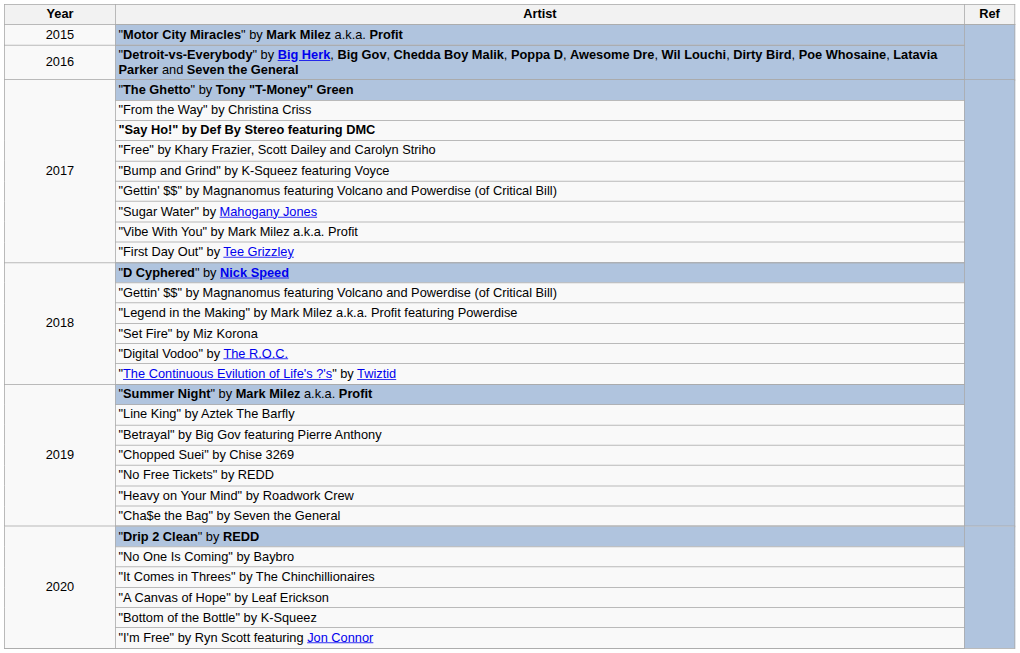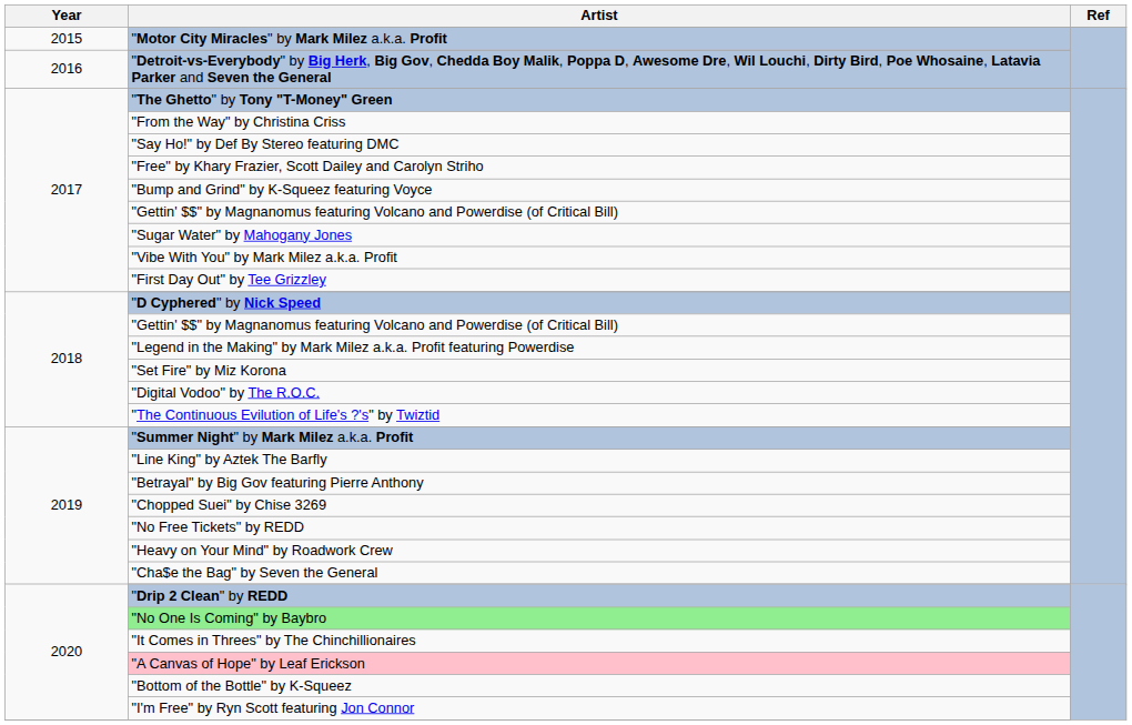 <table class="wikitable" style="width:100%;">
 <tr>
 <th style="width:11%;">Year</th>
 <th style="width:84%;">Artist</th>
 <th style="width:5%;">Ref</th>
 </tr>
 <tr>
 <td rowspan="2" align="center">2015</td>
 </tr>
 <tr style="background:#B0C4DE">
 <td>"<strong>Motor City Miracles</strong>" by <strong>Mark Milez</strong> a.k.a. <strong>Profit</strong></td>
 <td rowspan="4" align="center"></td>
 </tr>
 <tr>
 <td rowspan="2" align="center">2016</td>
 </tr>
 <tr style="background:#B0C4DE">
 <td>"<strong>Detroit-vs-Everybody</strong>" by <strong><a href='#'>Big Herk</a></strong>, <strong>Big Gov</strong>, <strong>Chedda Boy Malik</strong>, <strong>Poppa D</strong>, <strong>Awesome Dre</strong>, <strong>Wil Louchi</strong>, <strong>Dirty Bird</strong>, <strong>Poe Whosaine</strong>, <strong>Latavia Parker</strong> and <strong>Seven the General</strong></td>
 </tr>
 <tr>
 <td rowspan="10" align="center">2017</td>
 </tr>
 <tr style="background:#B0C4DE">
 <td>"<strong>The Ghetto</strong>" by <strong>Tony "T-Money" Green</strong></td>
 <td rowspan="25" align="center"></td>
 </tr>
 <tr>
 <td>"From the Way" by Christina Criss</td>
 </tr>
 <tr>
-<td><strong>"Say Ho!" by Def By Stereo featuring DMC</strong></td>
+<td>"Say Ho!" by Def By Stereo featuring DMC</td>
 </tr>
 <tr>
 <td>"Free" by Khary Frazier, Scott Dailey and Carolyn Striho</td>
 </tr>
 <tr>
 <td>"Bump and Grind" by K-Squeez featuring Voyce</td>
 </tr>
 <tr>
 <td>"Gettin' $$" by Magnanomus featuring Volcano and Powerdise (of Critical Bill)</td>
 </tr>
 <tr>
 <td>"Sugar Water" by <a href='#'>Mahogany Jones</a></td>
 </tr>
 <tr>
 <td>"Vibe With You" by Mark Milez a.k.a. Profit</td>
 </tr>
 <tr>
 <td>"First Day Out" by <a href='#'>Tee Grizzley</a></td>
 </tr>
 <tr>
 <td rowspan="7" align="center">2018</td>
 </tr>
 <tr style="background:#B0C4DE">
 <td>"<strong>D Cyphered</strong>" by <strong><a href='#'>Nick Speed</a></strong></td>
 </tr>
 <tr>
 <td>"Gettin' $$" by Magnanomus featuring Volcano and Powerdise (of Critical Bill)</td>
 </tr>
 <tr>
 <td>"Legend in the Making" by Mark Milez a.k.a. Profit featuring Powerdise</td>
 </tr>
 <tr>
 <td>"Set Fire" by Miz Korona</td>
 </tr>
 <tr>
 <td>"Digital Vodoo" by <a href='#'>The R.O.C.</a></td>
 </tr>
 <tr>
 <td>"<a href='#'>The Continuous Evilution of Life's ?'s</a>" by <a href='#'>Twiztid</a></td>
 </tr>
 <tr>
 <td rowspan="8" align="center">2019</td>
 </tr>
 <tr style="background:#B0C4DE">
 <td>"<strong>Summer Night</strong>" by <strong>Mark Milez</strong> a.k.a. <strong>Profit</strong></td>
 </tr>
 <tr>
 <td>"Line King" by Aztek The Barfly</td>
 </tr>
 <tr>
 <td>"Betrayal" by Big Gov featuring Pierre Anthony</td>
 </tr>
 <tr>
 <td>"Chopped Suei" by Chise 3269</td>
 </tr>
 <tr>
 <td>"No Free Tickets" by REDD</td>
 </tr>
 <tr>
 <td>"Heavy on Your Mind" by Roadwork Crew</td>
 </tr>
 <tr>
 <td>"Cha$e the Bag" by Seven the General</td>
 </tr>
 <tr>
 <td rowspan="7" align="center">2020</td>
 </tr>
 <tr style="background:#B0C4DE">
 <td>"<strong>Drip 2 Clean</strong>" by <strong>REDD</strong></td>
 <td rowspan="7" align="center"></td>
 </tr>
 <tr>
-<td>"No One Is Coming" by Baybro</td>
+<td style="background: lightgreen;">"No One Is Coming" by Baybro</td>
 </tr>
 <tr>
 <td>"It Comes in Threes" by The Chinchillionaires</td>
 </tr>
 <tr>
-<td>"A Canvas of Hope" by Leaf Erickson</td>
+<td style="background: pink;">"A Canvas of Hope" by Leaf Erickson</td>
 </tr>
 <tr>
 <td>"Bottom of the Bottle" by K-Squeez</td>
 </tr>
 <tr>
 <td>"I'm Free" by Ryn Scott featuring <a href='#'>Jon Connor</a></td>
 </tr>
 <tr>
 </tr>
 </table>
